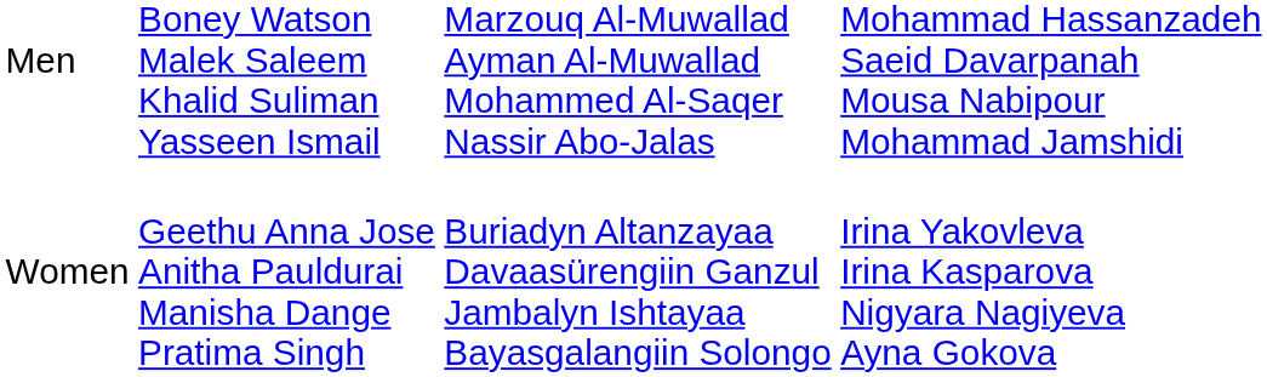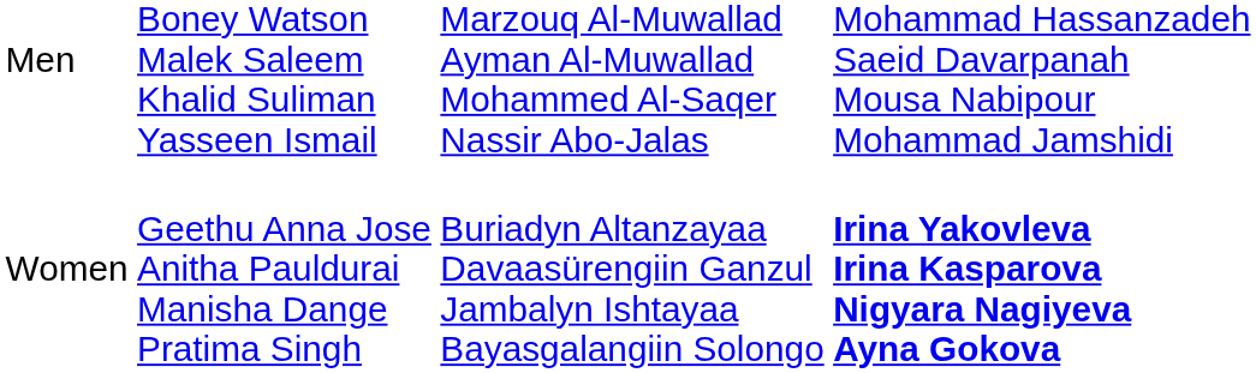 <table>
 <tr>
 <td>Men</td>
 <td><br><a href='#'>Boney Watson</a><br><a href='#'>Malek Saleem</a><br><a href='#'>Khalid Suliman</a><br><a href='#'>Yasseen Ismail</a></td>
 <td><br><a href='#'>Marzouq Al-Muwallad</a><br><a href='#'>Ayman Al-Muwallad</a><br><a href='#'>Mohammed Al-Saqer</a><br><a href='#'>Nassir Abo-Jalas</a></td>
 <td><br><a href='#'>Mohammad Hassanzadeh</a><br><a href='#'>Saeid Davarpanah</a><br><a href='#'>Mousa Nabipour</a><br><a href='#'>Mohammad Jamshidi</a></td>
 </tr>
 <tr>
 <td>Women</td>
 <td><br><a href='#'>Geethu Anna Jose</a><br><a href='#'>Anitha Pauldurai</a><br><a href='#'>Manisha Dange</a><br><a href='#'>Pratima Singh</a></td>
 <td><br><a href='#'>Buriadyn Altanzayaa</a><br><a href='#'>Davaasürengiin Ganzul</a><br><a href='#'>Jambalyn Ishtayaa</a><br><a href='#'>Bayasgalangiin Solongo</a></td>
-<td><br><a href='#'>Irina Yakovleva</a><br><a href='#'>Irina Kasparova</a><br><a href='#'>Nigyara Nagiyeva</a><br><a href='#'>Ayna Gokova</a></td>
+<td><strong><br><a href='#'>Irina Yakovleva</a><br><a href='#'>Irina Kasparova</a><br><a href='#'>Nigyara Nagiyeva</a><br><a href='#'>Ayna Gokova</a></strong></td>
 </tr>
 </table>
